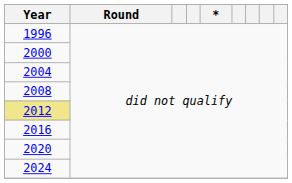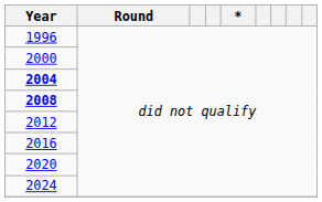 <table class="wikitable" style="text-align: center; width:50%;">
 <tr>
 <th>Year</th>
 <th>Round</th>
 <th></th>
 <th></th>
 <th>*</th>
 <th></th>
 <th></th>
 <th></th>
 <th></th>
 </tr>
 <tr>
 <td> <a href='#'>1996</a></td>
 <td colspan=8 rowspan=8><em>did not qualify</em></td>
 </tr>
 <tr>
 <td> <a href='#'>2000</a></td>
 </tr>
 <tr>
-<td> <a href='#'>2004</a></td>
+<td><strong> <a href='#'>2004</a></strong></td>
 </tr>
 <tr>
-<td> <a href='#'>2008</a></td>
+<td><strong> <a href='#'>2008</a></strong></td>
 </tr>
 <tr>
-<td style="background: khaki;"> <a href='#'>2012</a></td>
+<td> <a href='#'>2012</a></td>
 </tr>
 <tr>
 <td> <a href='#'>2016</a></td>
 </tr>
 <tr>
 <td> <a href='#'>2020</a></td>
 </tr>
 <tr>
 <td> <a href='#'>2024</a></td>
 </tr>
 <tr>
 </tr>
 </table>
